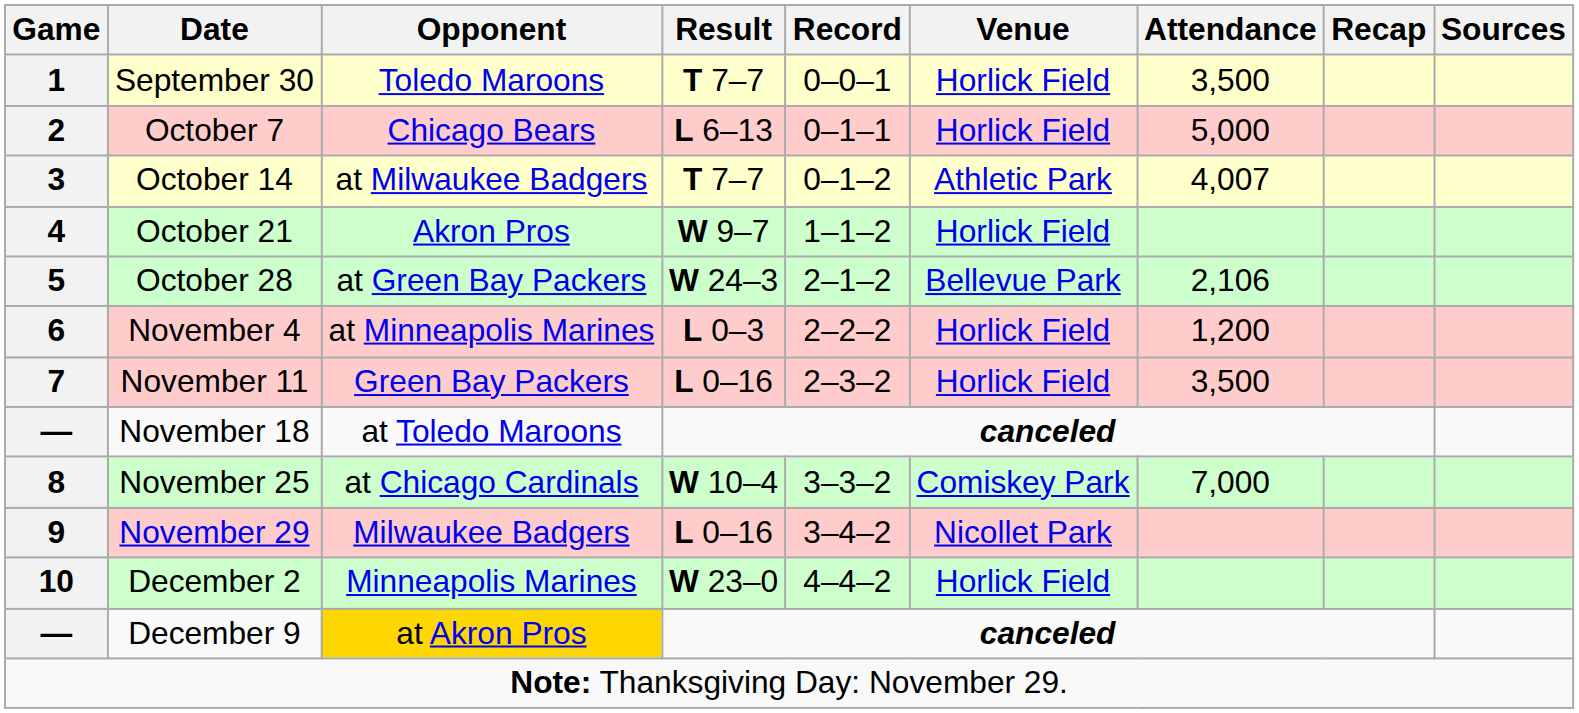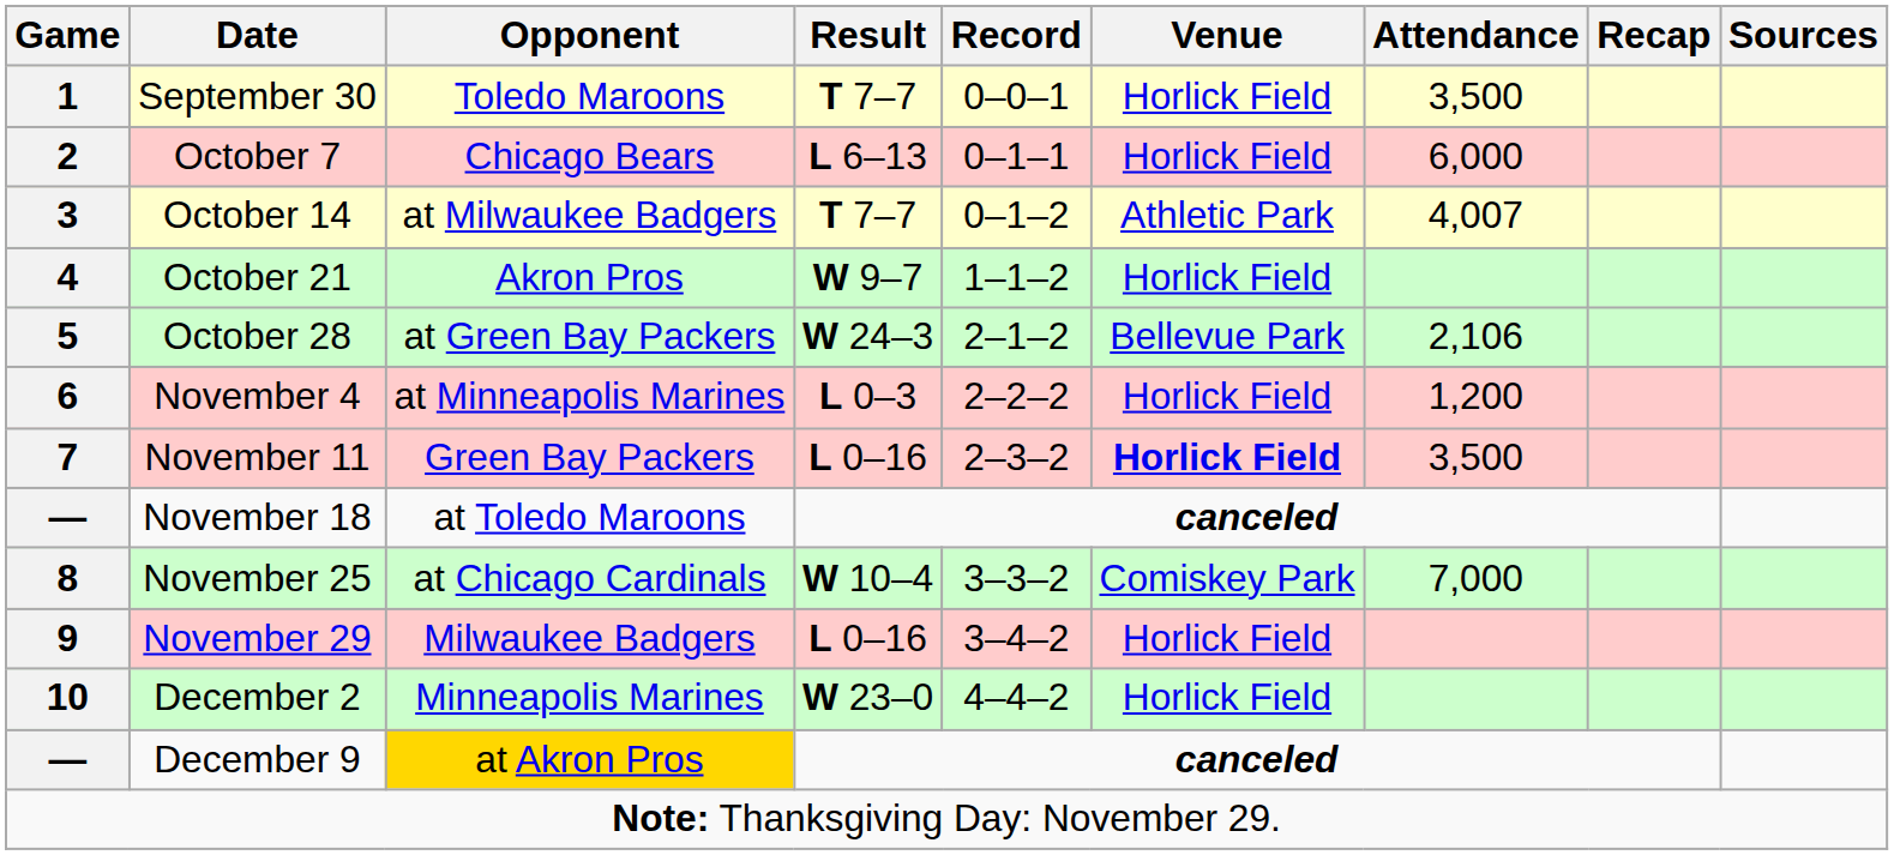 <table class="wikitable" style="text-align:center">
 <tr>
 <th>Game</th>
 <th>Date</th>
 <th>Opponent</th>
 <th>Result</th>
 <th>Record</th>
 <th>Venue</th>
 <th>Attendance</th>
 <th>Recap</th>
 <th>Sources</th>
 </tr>
 <tr style="background:#ffc">
 <th>1</th>
 <td>September 30</td>
 <td><a href='#'>Toledo Maroons</a></td>
 <td><strong>T</strong> 7–7</td>
 <td>0–0–1</td>
 <td><a href='#'>Horlick Field</a></td>
 <td>3,500</td>
 <td></td>
 <td></td>
 </tr>
 <tr style="background:#fcc">
 <th>2</th>
 <td>October 7</td>
 <td><a href='#'>Chicago Bears</a></td>
 <td><strong>L</strong> 6–13</td>
 <td>0–1–1</td>
 <td><a href='#'>Horlick Field</a></td>
-<td>5,000</td>
+<td>6,000</td>
 <td></td>
 <td></td>
 </tr>
 <tr style="background:#ffc">
 <th>3</th>
 <td>October 14</td>
 <td>at <a href='#'>Milwaukee Badgers</a></td>
 <td><strong>T</strong> 7–7</td>
 <td>0–1–2</td>
 <td><a href='#'>Athletic Park</a></td>
 <td>4,007</td>
 <td></td>
 <td></td>
 </tr>
 <tr style="background:#cfc">
 <th>4</th>
 <td>October 21</td>
 <td><a href='#'>Akron Pros</a></td>
 <td><strong>W</strong> 9–7</td>
 <td>1–1–2</td>
 <td><a href='#'>Horlick Field</a></td>
 <td></td>
 <td></td>
 <td></td>
 </tr>
 <tr style="background:#cfc">
 <th>5</th>
 <td>October 28</td>
 <td>at <a href='#'>Green Bay Packers</a></td>
 <td><strong>W</strong> 24–3</td>
 <td>2–1–2</td>
 <td><a href='#'>Bellevue Park</a></td>
 <td>2,106</td>
 <td></td>
 <td></td>
 </tr>
 <tr style="background:#fcc">
 <th>6</th>
 <td>November 4</td>
 <td>at <a href='#'>Minneapolis Marines</a></td>
 <td><strong>L</strong> 0–3</td>
 <td>2–2–2</td>
 <td><a href='#'>Horlick Field</a></td>
 <td>1,200</td>
 <td></td>
 <td></td>
 </tr>
 <tr style="background:#fcc">
 <th>7</th>
 <td>November 11</td>
 <td><a href='#'>Green Bay Packers</a></td>
 <td><strong>L</strong> 0–16</td>
 <td>2–3–2</td>
-<td><a href='#'>Horlick Field</a></td>
+<td><strong><a href='#'>Horlick Field</a></strong></td>
 <td>3,500</td>
 <td></td>
 <td></td>
 </tr>
 <tr>
 <th>—</th>
 <td>November 18</td>
 <td>at <a href='#'>Toledo Maroons</a></td>
 <td colspan="5"><strong><em>canceled</em></strong> </td>
 <td></td>
 </tr>
 <tr style="background:#cfc">
 <th>8</th>
 <td>November 25</td>
 <td>at <a href='#'>Chicago Cardinals</a></td>
 <td><strong>W</strong> 10–4</td>
 <td>3–3–2</td>
 <td><a href='#'>Comiskey Park</a></td>
 <td>7,000</td>
 <td></td>
 <td></td>
 </tr>
 <tr style="background:#fcc">
 <th>9</th>
 <td><a href='#'>November 29</a></td>
 <td><a href='#'>Milwaukee Badgers</a></td>
 <td><strong>L</strong> 0–16</td>
 <td>3–4–2</td>
-<td><a href='#'>Nicollet Park</a></td>
+<td><a href='#'>Horlick Field</a></td>
 <td></td>
 <td></td>
 <td></td>
 </tr>
 <tr style="background:#cfc">
 <th>10</th>
 <td>December 2</td>
 <td><a href='#'>Minneapolis Marines</a></td>
 <td><strong>W</strong> 23–0</td>
 <td>4–4–2</td>
 <td><a href='#'>Horlick Field</a></td>
 <td></td>
 <td></td>
 <td></td>
 </tr>
 <tr>
 <th>—</th>
 <td>December 9</td>
 <td style="background: gold;">at <a href='#'>Akron Pros</a></td>
 <td colspan="5"><strong><em>canceled</em></strong> </td>
 <td></td>
 </tr>
 <tr>
 <td colspan="10"><strong>Note:</strong> Thanksgiving Day: November 29.</td>
 </tr>
 </table>
